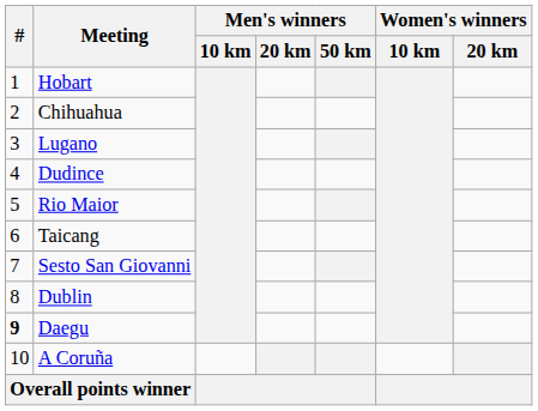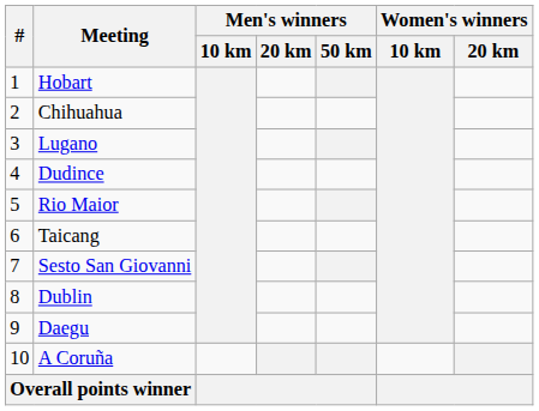 <table class="wikitable" style=text-align:center;">
 <tr>
 <th rowspan=2>#</th>
 <th rowspan=2><strong>Meeting</strong></th>
 <th colspan=3>Men's winners</th>
 <th colspan=2>Women's winners</th>
 </tr>
 <tr>
 <th>10 km</th>
 <th>20 km</th>
 <th>50 km</th>
 <th>10 km</th>
 <th>20 km</th>
 </tr>
 <tr align=left>
 <td>1</td>
 <td align=left><a href='#'>Hobart</a></td>
 <th rowspan=9></th>
 <td></td>
 <th></th>
 <th rowspan=9></th>
 <td></td>
 </tr>
 <tr align=left>
 <td>2</td>
 <td align=left>Chihuahua</td>
 <td></td>
 <td></td>
 <td></td>
 </tr>
 <tr align=left>
 <td>3</td>
 <td align=left><a href='#'>Lugano</a></td>
 <td></td>
 <th></th>
 <td></td>
 </tr>
 <tr align=left>
 <td>4</td>
 <td align=left><a href='#'>Dudince</a></td>
 <td></td>
 <td></td>
 <td></td>
 </tr>
 <tr align=left>
 <td>5</td>
 <td align=left><a href='#'>Rio Maior</a></td>
 <td></td>
 <th></th>
 <td></td>
 </tr>
 <tr align=left>
 <td>6</td>
 <td align=left>Taicang</td>
 <td></td>
 <td></td>
 <td></td>
 </tr>
 <tr align=left>
 <td>7</td>
 <td align=left><a href='#'>Sesto San Giovanni</a></td>
 <td></td>
 <th></th>
 <td></td>
 </tr>
 <tr align=left>
 <td>8</td>
 <td align=left><a href='#'>Dublin</a></td>
 <td></td>
 <td></td>
 <td></td>
 </tr>
 <tr align=left>
-<td><strong>9</strong></td>
+<td>9</td>
 <td align=left><a href='#'>Daegu</a></td>
 <td></td>
 <td></td>
 <td></td>
 </tr>
 <tr align=left>
 <td>10</td>
 <td align=left><a href='#'>A Coruña</a></td>
 <td></td>
 <th></th>
 <th></th>
 <td></td>
 <th></th>
 </tr>
 <tr>
 <th colspan=2>Overall points winner</th>
 <th colspan=3></th>
 <th colspan=2></th>
 </tr>
 </table>
